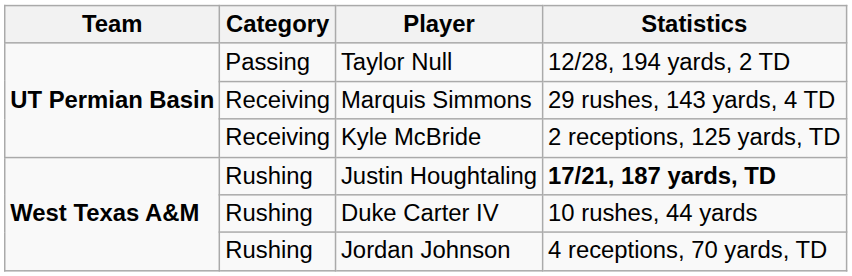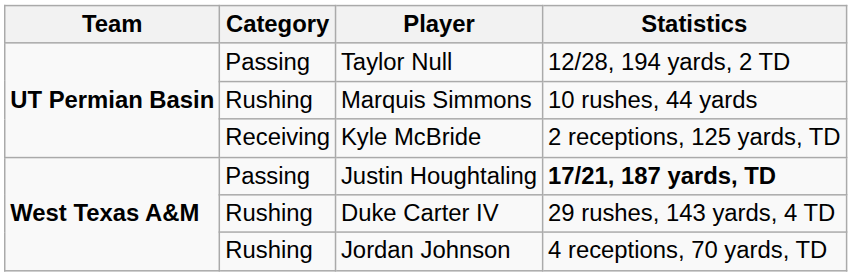 <table class="wikitable" style="float: left;">
 <tr>
 <th>Team</th>
 <th>Category</th>
 <th>Player</th>
 <th>Statistics</th>
 </tr>
 <tr>
 <td rowspan=3><strong>UT Permian Basin</strong></td>
 <td>Passing</td>
 <td>Taylor Null</td>
 <td>12/28, 194 yards, 2 TD</td>
 </tr>
 <tr>
-<td>Receiving</td>
+<td>Rushing</td>
 <td>Marquis Simmons</td>
-<td>29 rushes, 143 yards, 4 TD</td>
+<td>10 rushes, 44 yards</td>
 </tr>
 <tr>
 <td>Receiving</td>
 <td>Kyle McBride</td>
 <td>2 receptions, 125 yards, TD</td>
 </tr>
 <tr>
 <td rowspan=3><strong>West Texas A&M</strong></td>
-<td>Rushing</td>
+<td>Passing</td>
 <td>Justin Houghtaling</td>
 <td><strong>17/21, 187 yards, TD</strong></td>
 </tr>
 <tr>
 <td>Rushing</td>
 <td>Duke Carter IV</td>
-<td>10 rushes, 44 yards</td>
+<td>29 rushes, 143 yards, 4 TD</td>
 </tr>
 <tr>
 <td>Rushing</td>
 <td>Jordan Johnson</td>
 <td>4 receptions, 70 yards, TD</td>
 </tr>
 </table>
